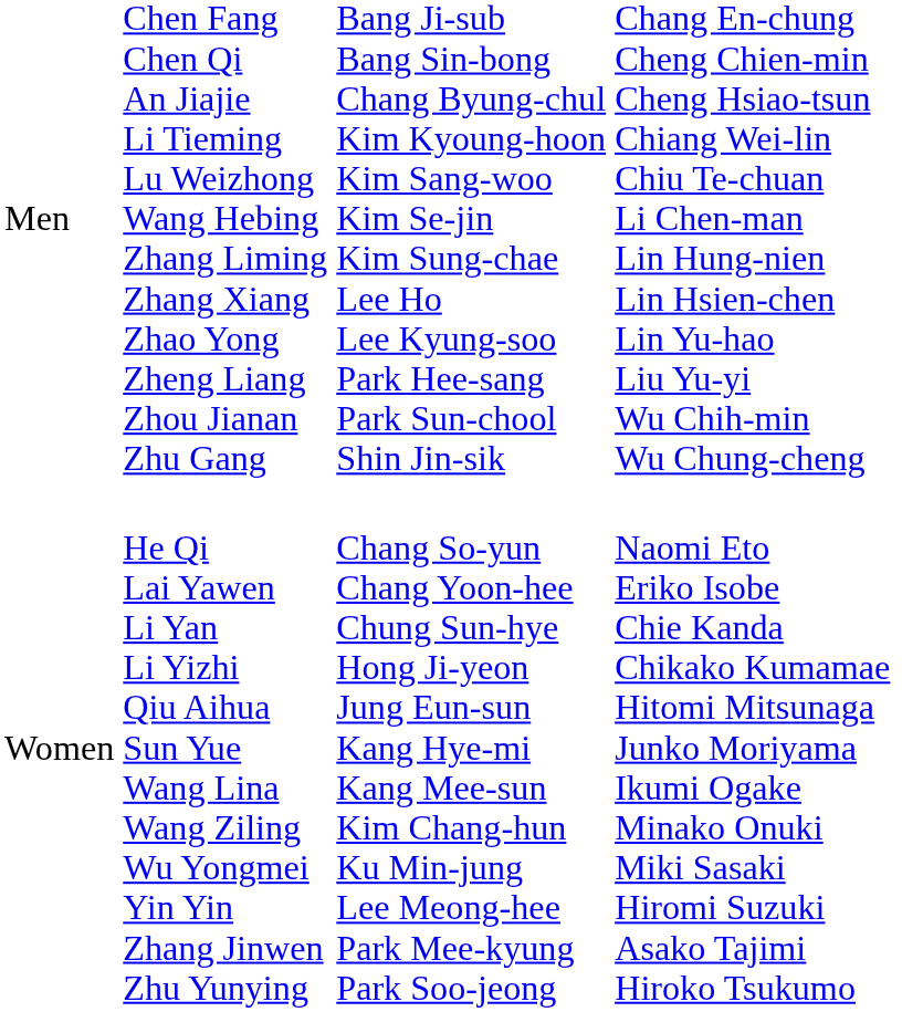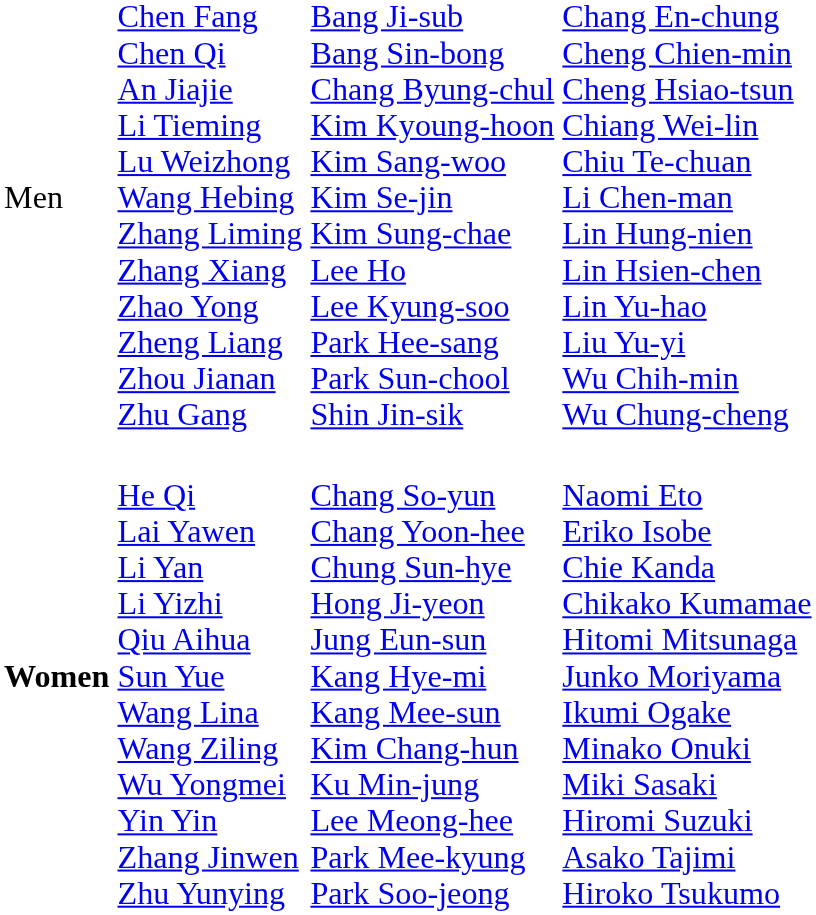 <table>
 <tr>
 <td>Men<br></td>
 <td><br><a href='#'>Chen Fang</a><br><a href='#'>Chen Qi</a><br><a href='#'>An Jiajie</a><br><a href='#'>Li Tieming</a><br><a href='#'>Lu Weizhong</a><br><a href='#'>Wang Hebing</a><br><a href='#'>Zhang Liming</a><br><a href='#'>Zhang Xiang</a><br><a href='#'>Zhao Yong</a><br><a href='#'>Zheng Liang</a><br><a href='#'>Zhou Jianan</a><br><a href='#'>Zhu Gang</a></td>
 <td><br><a href='#'>Bang Ji-sub</a><br><a href='#'>Bang Sin-bong</a><br><a href='#'>Chang Byung-chul</a><br><a href='#'>Kim Kyoung-hoon</a><br><a href='#'>Kim Sang-woo</a><br><a href='#'>Kim Se-jin</a><br><a href='#'>Kim Sung-chae</a><br><a href='#'>Lee Ho</a><br><a href='#'>Lee Kyung-soo</a><br><a href='#'>Park Hee-sang</a><br><a href='#'>Park Sun-chool</a><br><a href='#'>Shin Jin-sik</a></td>
 <td><br><a href='#'>Chang En-chung</a><br><a href='#'>Cheng Chien-min</a><br><a href='#'>Cheng Hsiao-tsun</a><br><a href='#'>Chiang Wei-lin</a><br><a href='#'>Chiu Te-chuan</a><br><a href='#'>Li Chen-man</a><br><a href='#'>Lin Hung-nien</a><br><a href='#'>Lin Hsien-chen</a><br><a href='#'>Lin Yu-hao</a><br><a href='#'>Liu Yu-yi</a><br><a href='#'>Wu Chih-min</a><br><a href='#'>Wu Chung-cheng</a></td>
 </tr>
 <tr>
-<td>Women<br></td>
+<td><strong>Women<br></strong></td>
 <td><br><a href='#'>He Qi</a><br><a href='#'>Lai Yawen</a><br><a href='#'>Li Yan</a><br><a href='#'>Li Yizhi</a><br><a href='#'>Qiu Aihua</a><br><a href='#'>Sun Yue</a><br><a href='#'>Wang Lina</a><br><a href='#'>Wang Ziling</a><br><a href='#'>Wu Yongmei</a><br><a href='#'>Yin Yin</a><br><a href='#'>Zhang Jinwen</a><br><a href='#'>Zhu Yunying</a></td>
 <td><br><a href='#'>Chang So-yun</a><br><a href='#'>Chang Yoon-hee</a><br><a href='#'>Chung Sun-hye</a><br><a href='#'>Hong Ji-yeon</a><br><a href='#'>Jung Eun-sun</a><br><a href='#'>Kang Hye-mi</a><br><a href='#'>Kang Mee-sun</a><br><a href='#'>Kim Chang-hun</a><br><a href='#'>Ku Min-jung</a><br><a href='#'>Lee Meong-hee</a><br><a href='#'>Park Mee-kyung</a><br><a href='#'>Park Soo-jeong</a></td>
 <td><br><a href='#'>Naomi Eto</a><br><a href='#'>Eriko Isobe</a><br><a href='#'>Chie Kanda</a><br><a href='#'>Chikako Kumamae</a><br><a href='#'>Hitomi Mitsunaga</a><br><a href='#'>Junko Moriyama</a><br><a href='#'>Ikumi Ogake</a><br><a href='#'>Minako Onuki</a><br><a href='#'>Miki Sasaki</a><br><a href='#'>Hiromi Suzuki</a><br><a href='#'>Asako Tajimi</a><br><a href='#'>Hiroko Tsukumo</a></td>
 </tr>
 </table>
